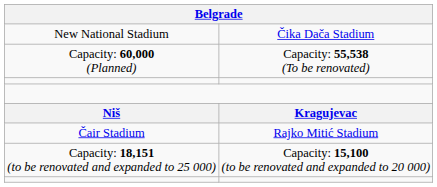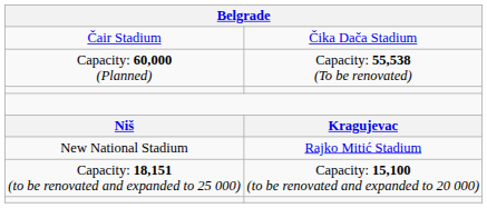 <table class="wikitable" style="text-align:center">
 <tr>
 <th colspan="2"><a href='#'>Belgrade</a></th>
 </tr>
 <tr>
-<td>New National Stadium</td>
+<td><a href='#'>Čair Stadium</a></td>
 <td><a href='#'>Čika Dača Stadium</a></td>
 </tr>
 <tr>
 <td>Capacity: <strong>60,000</strong><br><em>(Planned)</em></td>
 <td>Capacity: <strong>55,538</strong><br><em> (To be renovated)</em></td>
 </tr>
 <tr>
 <td></td>
 <td></td>
 </tr>
 <tr>
 <td colspan="2"><br></td>
 </tr>
 <tr>
 <th><a href='#'>Niš</a></th>
 <th><a href='#'>Kragujevac</a></th>
 </tr>
 <tr>
-<td><a href='#'>Čair Stadium</a></td>
+<td>New National Stadium</td>
 <td><a href='#'>Rajko Mitić Stadium</a></td>
 </tr>
 <tr>
 <td>Capacity: <strong>18,151</strong><br><em>(to be renovated and expanded to 25 000)</em></td>
 <td>Capacity: <strong>15,100</strong><br><em>(to be renovated and expanded to 20 000)</em></td>
 </tr>
 <tr>
 <td></td>
 <td></td>
 </tr>
 </table>
